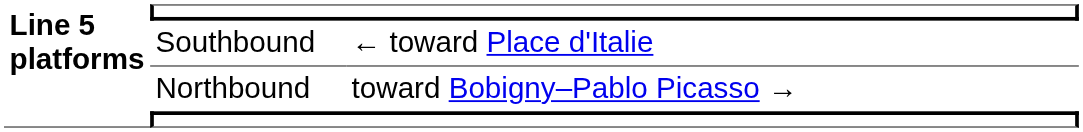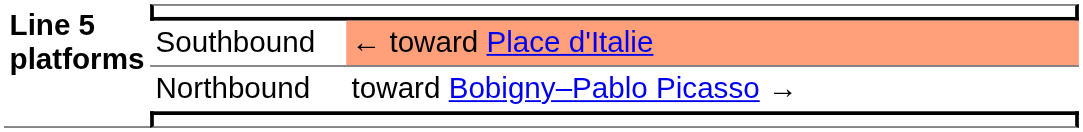 <table border=0 cellspacing=0 cellpadding=3>
 <tr>
 <td style="border-bottom:solid 1px gray;" width=50 rowspan=10 valign=top><strong>Line 5 platforms</strong></td>
 <td style="border-top:solid 1px gray;border-right:solid 2px black;border-left:solid 2px black;border-bottom:solid 2px black;text-align:center;" colspan=2></td>
 </tr>
 <tr>
 <td style="border-bottom:solid 1px gray;" width=100>Southbound</td>
-<td style="border-bottom:solid 1px gray;" width=390>←   toward <a href='#'>Place d'Italie</a> </td>
+<td style="background: lightsalmon; border-bottom:solid 1px gray;" width=390>←   toward <a href='#'>Place d'Italie</a> </td>
 </tr>
 <tr>
 <td>Northbound</td>
 <td>   toward <a href='#'>Bobigny–Pablo Picasso</a>  →</td>
 </tr>
 <tr>
 <td style="border-top:solid 2px black;border-right:solid 2px black;border-left:solid 2px black;border-bottom:solid 1px gray;text-align:center;" colspan=2></td>
 </tr>
 </table>
